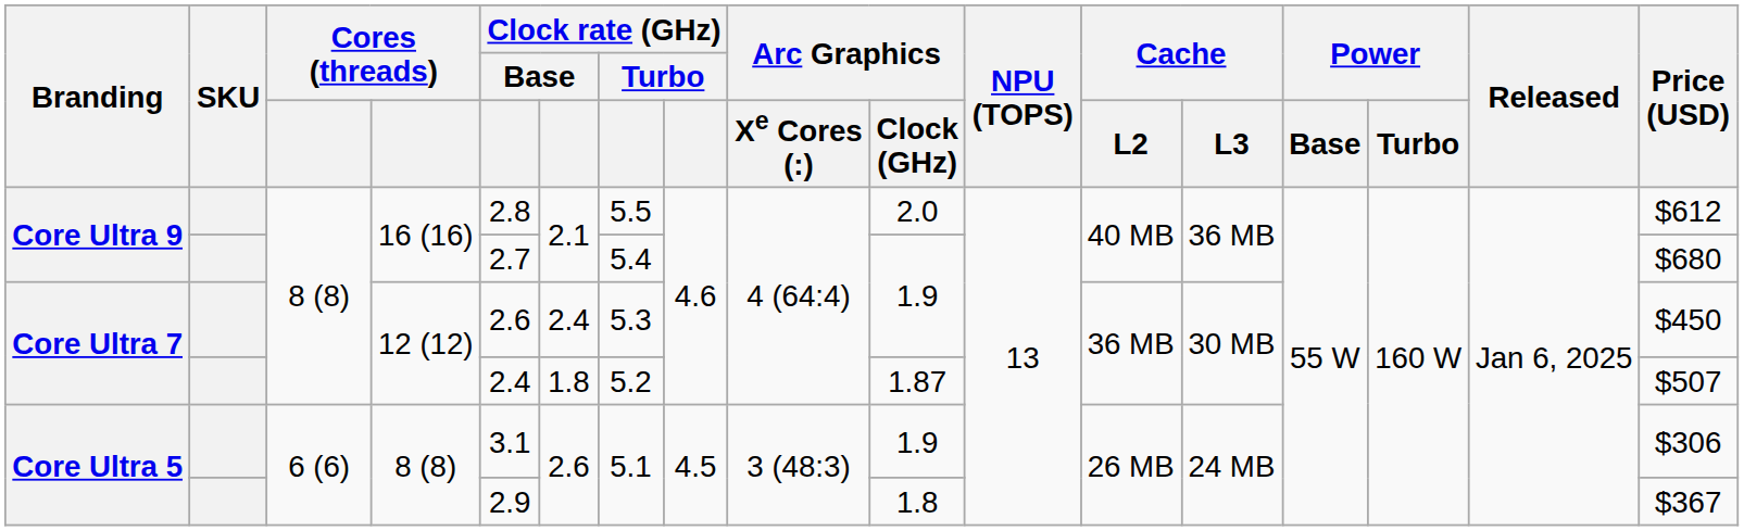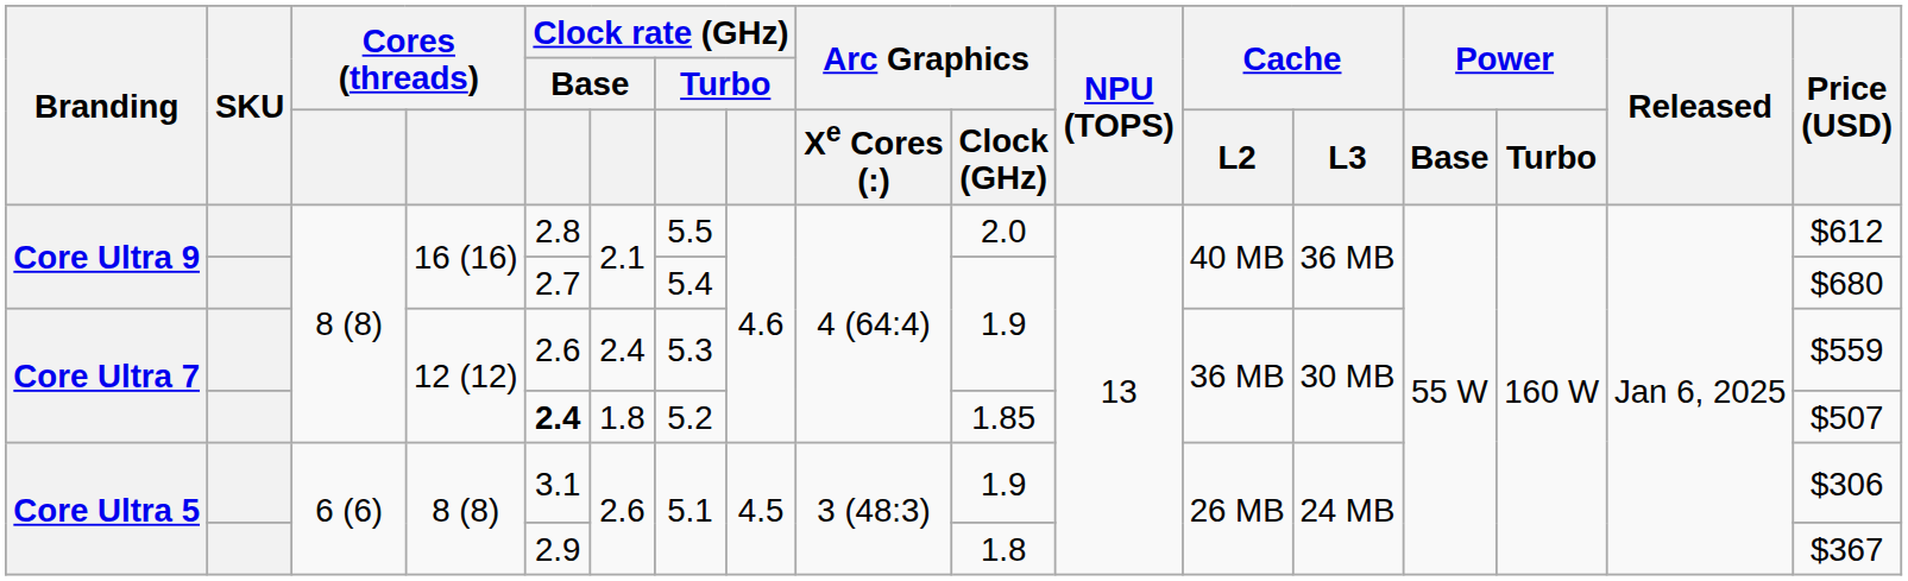 <table class="wikitable" style="text-align:center; white-space:nowrap; font-size:95%">
 <tr>
 <th rowspan="3">Branding</th>
 <th rowspan="3">SKU</th>
 <th colspan="2" rowspan="2"><a href='#'>Cores</a> <br> (<a href='#'>threads</a>)</th>
 <th colspan="4"><a href='#'>Clock rate</a> (GHz)</th>
 <th colspan="2" rowspan="2"><a href='#'>Arc</a> Graphics</th>
 <th rowspan="3"><a href='#'>NPU</a> <br> (TOPS)</th>
 <th colspan="2" rowspan="2"><a href='#'>Cache</a></th>
 <th colspan="2" rowspan="2"><a href='#'>Power</a></th>
 <th rowspan="3">Released</th>
 <th rowspan="3">Price <br> (USD)</th>
 </tr>
 <tr>
 <th colspan="2">Base</th>
 <th colspan="2"><a href='#'>Turbo</a></th>
 </tr>
 <tr>
 <th style="width:3em;"></th>
 <th style="width:3em;"></th>
 <th style="width:1.5em;"></th>
 <th style="width:1.5em;"></th>
 <th></th>
 <th></th>
 <th>X<sup>e</sup> Cores <br> (:)</th>
 <th>Clock <br>(GHz)</th>
 <th>L2</th>
 <th>L3</th>
 <th>Base</th>
 <th>Turbo</th>
 </tr>
 <tr>
 <th rowspan="2"><a href='#'>Core Ultra 9</a></th>
 <th></th>
 <td rowspan="4">8 (8)</td>
 <td rowspan="2">16 (16)</td>
 <td>2.8</td>
 <td rowspan="2">2.1</td>
 <td>5.5</td>
 <td rowspan="4">4.6</td>
 <td rowspan="4">4 (64:4)</td>
 <td>2.0</td>
 <td rowspan="6">13</td>
 <td rowspan="2">40 MB</td>
 <td rowspan="2">36 MB</td>
 <td rowspan="6">55 W</td>
 <td rowspan="6">160 W</td>
 <td rowspan="6">Jan 6, 2025</td>
 <td>$612</td>
 </tr>
 <tr>
 <th></th>
 <td>2.7</td>
 <td>5.4</td>
 <td rowspan="2">1.9</td>
 <td>$680</td>
 </tr>
 <tr>
 <th rowspan="2"><a href='#'>Core Ultra 7</a></th>
 <th style="text-align:left; height:2em;"></th>
 <td rowspan="2">12 (12)</td>
 <td>2.6</td>
 <td>2.4</td>
 <td>5.3</td>
 <td rowspan="2">36 MB</td>
 <td rowspan="2">30 MB</td>
-<td>$450</td>
+<td>$559</td>
 </tr>
 <tr>
 <th></th>
-<td>2.4</td>
+<td><strong>2.4</strong></td>
 <td>1.8</td>
 <td>5.2</td>
-<td>1.87</td>
+<td>1.85</td>
 <td>$507</td>
 </tr>
 <tr>
 <th rowspan="2"><a href='#'>Core Ultra 5</a></th>
 <th style="text-align:left; height:2em;"></th>
 <td rowspan="2">6 (6)</td>
 <td rowspan="2">8 (8)</td>
 <td>3.1</td>
 <td rowspan="2">2.6</td>
 <td rowspan="2">5.1</td>
 <td rowspan="2">4.5</td>
 <td rowspan="2">3 (48:3)</td>
 <td>1.9</td>
 <td rowspan="2">26 MB</td>
 <td rowspan="2">24 MB</td>
 <td>$306</td>
 </tr>
 <tr>
 <th></th>
 <td>2.9</td>
 <td>1.8</td>
 <td>$367</td>
 </tr>
 </table>
